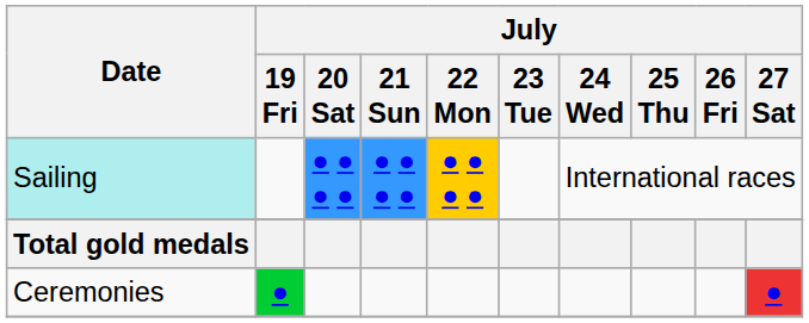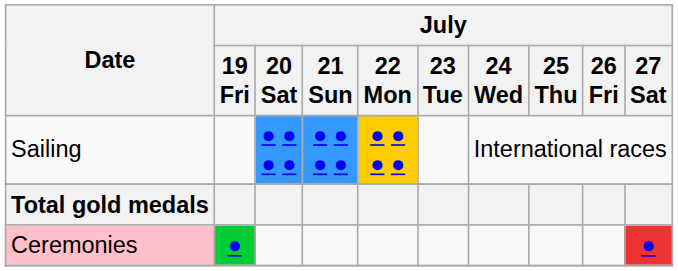 <table class="wikitable" style="margin:0.5em auto; font-size:90%; line-height:1.25em;">
 <tr>
 <th rowspan=2>Date</th>
 <th colspan=9>July</th>
 </tr>
 <tr>
 <th>19<br>Fri</th>
 <th>20<br>Sat</th>
 <th>21<br>Sun</th>
 <th>22<br>Mon</th>
 <th>23<br>Tue</th>
 <th>24<br>Wed</th>
 <th>25<br>Thu</th>
 <th>26<br>Fri</th>
 <th>27<br>Sat</th>
 </tr>
 <tr align="center">
-<td align="left" style="background: paleturquoise;">Sailing</td>
+<td align="left">Sailing</td>
 <td></td>
 <td bgcolor=#3399ff><span><a href='#'>●</a> <a href='#'>●</a><br><a href='#'>●</a> <a href='#'>●</a></span></td>
 <td bgcolor=#3399ff><span><a href='#'>●</a> <a href='#'>●</a><br><a href='#'>●</a> <a href='#'>●</a></span></td>
 <td bgcolor=#ffcc00><span><a href='#'>●</a> <a href='#'>●</a><br><a href='#'>●</a> <a href='#'>●</a></span></td>
 <td></td>
 <td colspan=9>International races</td>
 </tr>
 <tr align="center">
 </tr>
 <tr>
 <th>Total gold medals</th>
 <th></th>
 <th></th>
 <th></th>
 <th></th>
 <th></th>
 <th></th>
 <th></th>
 <th></th>
 <th></th>
 </tr>
 <tr>
-<td>Ceremonies</td>
+<td style="background: pink;">Ceremonies</td>
 <td bgcolor=#00cc33 align=center><a href='#'>●</a></td>
 <td></td>
 <td></td>
 <td></td>
 <td></td>
 <td></td>
 <td></td>
 <td></td>
 <td bgcolor=#ee3333 align=center><a href='#'>●</a></td>
 </tr>
 <tr>
 </tr>
 </table>
